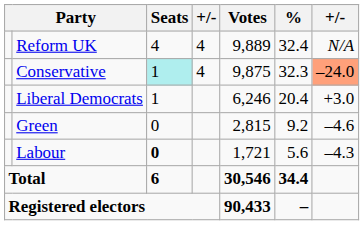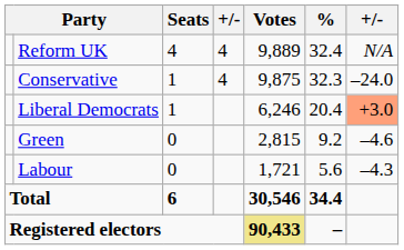 <table class="wikitable sortable">
 <tr>
 <th colspan="2">Party</th>
 <th>Seats</th>
 <th>+/-</th>
 <th>Votes</th>
 <th>%</th>
 <th>+/-</th>
 </tr>
 <tr>
 <td style="background-color: "></td>
 <td><a href='#'>Reform UK</a></td>
 <td>4</td>
 <td> 4</td>
 <td style="text-align:right;">9,889</td>
 <td style="text-align:right;">32.4</td>
 <td style="text-align:right;"><em>N/A</em></td>
 </tr>
 <tr>
 <td style="background-color: "></td>
 <td><a href='#'>Conservative</a></td>
-<td style="background: paleturquoise;">1</td>
+<td>1</td>
 <td> 4</td>
 <td style="text-align:right;">9,875</td>
 <td style="text-align:right;">32.3</td>
-<td style="background: lightsalmon; text-align:right;">–24.0</td>
+<td style="text-align:right;">–24.0</td>
 </tr>
 <tr>
 <td style="background-color: "></td>
 <td><a href='#'>Liberal Democrats</a></td>
 <td>1</td>
 <td></td>
 <td style="text-align:right;">6,246</td>
 <td style="text-align:right;">20.4</td>
-<td style="text-align:right;">+3.0</td>
+<td style="background: lightsalmon; text-align:right;">+3.0</td>
 </tr>
 <tr>
 <td style="background-color: "></td>
 <td><a href='#'>Green</a></td>
 <td>0</td>
 <td></td>
 <td style="text-align:right;">2,815</td>
 <td style="text-align:right;">9.2</td>
 <td style="text-align:right;">–4.6</td>
 </tr>
 <tr>
 <td style="background-color: "></td>
 <td><a href='#'>Labour</a></td>
-<td><strong>0</strong></td>
+<td>0</td>
 <td></td>
 <td style="text-align:right;">1,721</td>
 <td style="text-align:right;">5.6</td>
 <td style="text-align:right;">–4.3</td>
 </tr>
 <tr>
 <td colspan="2"><strong>Total</strong></td>
 <td><strong>6</strong></td>
 <td></td>
 <td style="text-align:right;"><strong>30,546</strong></td>
 <td style="text-align:right;"><strong>34.4</strong></td>
 <td style="text-align:right;"></td>
 </tr>
 <tr>
 <td colspan="4"><strong>Registered electors</strong></td>
-<td style="text-align:right;"><strong>90,433</strong></td>
+<td style="background: khaki; text-align:right;"><strong>90,433</strong></td>
 <td style="text-align:right;"><strong>–</strong></td>
 <td style="text-align:right;"></td>
 </tr>
 </table>
